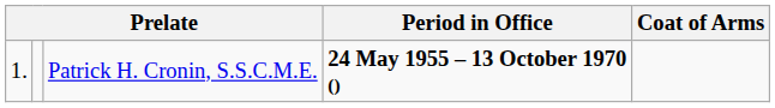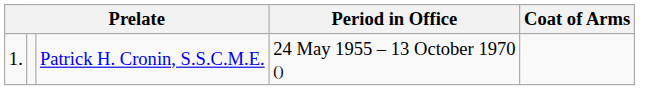 <table class="wikitable">
 <tr>
 <th colspan=3>Prelate</th>
 <th>Period in Office</th>
 <th>Coat of Arms</th>
 </tr>
 <tr>
 <td>1.</td>
 <td></td>
 <td><a href='#'>Patrick H. Cronin, S.S.C.M.E.</a></td>
-<td><strong>24 May 1955 – 13 October 1970<br><small>()</small></strong></td>
+<td>24 May 1955 – 13 October 1970<br><small>()</small></td>
 <td></td>
 </tr>
 </table>
